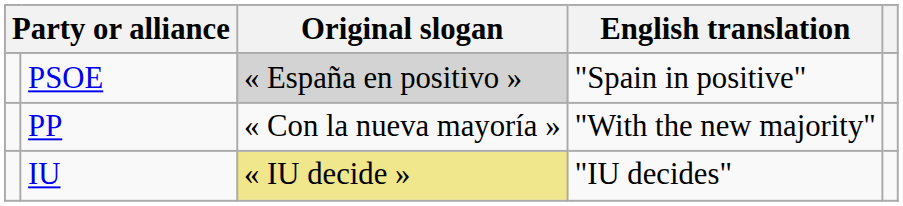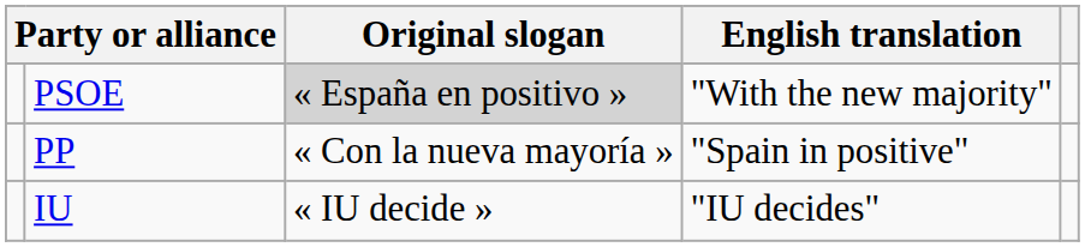 <table class="wikitable" style="text-align:left;">
 <tr>
 <th style="text-align:left;" colspan="2">Party or alliance</th>
 <th>Original slogan</th>
 <th>English translation</th>
 <th></th>
 </tr>
 <tr>
 <td width="1" style="color:inherit;background:"></td>
 <td><a href='#'>PSOE</a></td>
 <td style="background: lightgrey;">« España en positivo »</td>
-<td>"Spain in positive"</td>
+<td>"With the new majority"</td>
 <td></td>
 </tr>
 <tr>
 <td style="color:inherit;background:"></td>
 <td><a href='#'>PP</a></td>
 <td>« Con la nueva mayoría »</td>
-<td>"With the new majority"</td>
+<td>"Spain in positive"</td>
 <td></td>
 </tr>
 <tr>
 <td style="color:inherit;background:"></td>
 <td><a href='#'>IU</a></td>
-<td style="background: khaki;">« IU decide »</td>
+<td>« IU decide »</td>
 <td>"IU decides"</td>
 <td rowspan="2"></td>
 </tr>
 </table>
